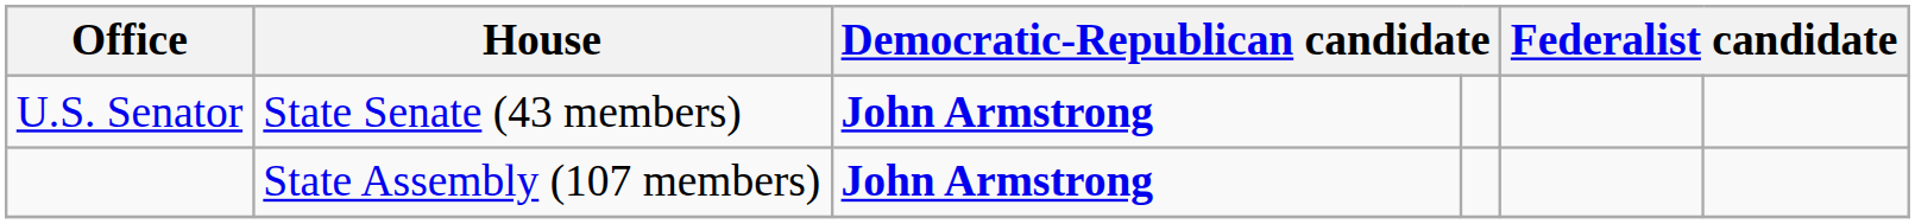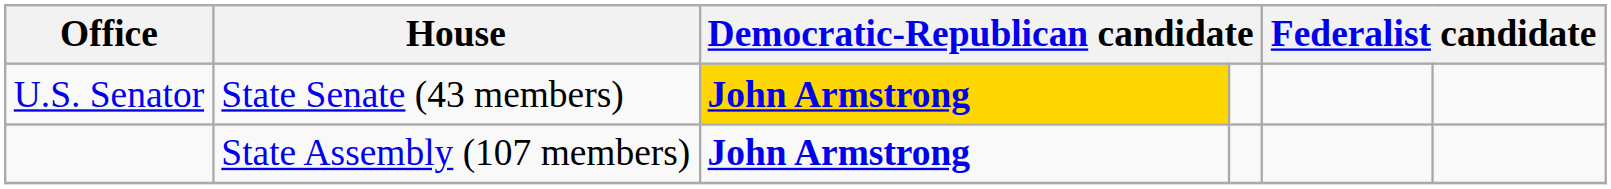 <table class=wikitable>
 <tr bgcolor=lightgrey>
 <th>Office</th>
 <th>House</th>
 <th colspan="2"><a href='#'>Democratic-Republican</a> candidate</th>
 <th colspan="2"><a href='#'>Federalist</a> candidate</th>
 </tr>
 <tr>
 <td><a href='#'>U.S. Senator</a></td>
 <td><a href='#'>State Senate</a> (43 members)</td>
-<td><strong><a href='#'>John Armstrong</a></strong></td>
+<td style="background: gold;"><strong><a href='#'>John Armstrong</a></strong></td>
 <td align="right"></td>
 <td></td>
 <td align="right"></td>
 </tr>
 <tr>
 <td></td>
 <td><a href='#'>State Assembly</a> (107 members)</td>
 <td><strong><a href='#'>John Armstrong</a></strong></td>
 <td align="right"></td>
 <td></td>
 <td align="right"></td>
 </tr>
 <tr>
 </tr>
 </table>
